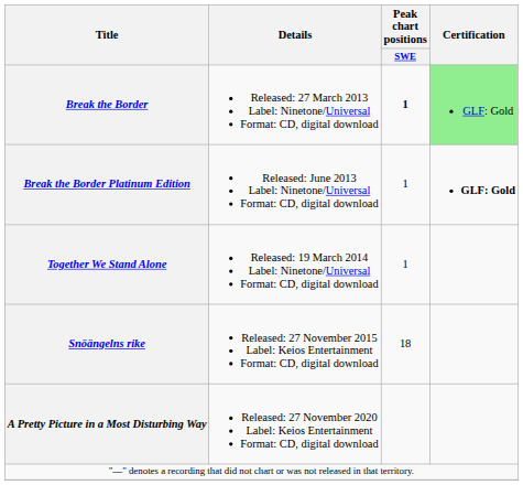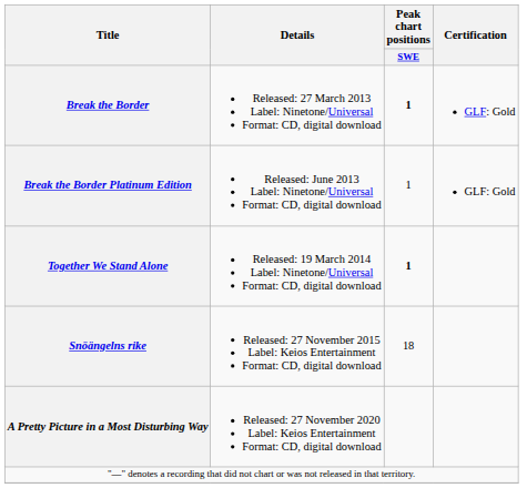 <table class="wikitable plainrowheaders" style="text-align:center;">
 <tr>
 <th scope="col" rowspan="2">Title</th>
 <th scope="col" rowspan="2">Details</th>
 <th scope="col">Peak chart positions</th>
 <th scope="col" rowspan="2">Certification</th>
 </tr>
 <tr>
 <th scope="col" style="width:3em;font-size:85%;"><a href='#'>SWE</a><br></th>
 </tr>
 <tr>
 <th scope="row"><em><a href='#'>Break the Border</a></em></th>
 <td><br><ul><li>Released: 27 March 2013</li><li>Label: Ninetone/<a href='#'>Universal</a></li><li>Format: CD, digital download</li></ul></td>
 <td><strong>1</strong></td>
-<td style="background: lightgreen;"><br><ul><li><a href='#'>GLF</a>: Gold</li></ul></td>
+<td><br><ul><li><a href='#'>GLF</a>: Gold</li></ul></td>
 </tr>
 <tr>
 <th scope="row"><em><a href='#'>Break the Border Platinum Edition</a></em></th>
 <td><br><ul><li>Released: June 2013</li><li>Label: Ninetone/<a href='#'>Universal</a></li><li>Format: CD, digital download</li></ul></td>
 <td>1</td>
-<td><strong><br><ul><li>GLF: Gold</li></ul></strong></td>
+<td><br><ul><li>GLF: Gold</li></ul></td>
 </tr>
 <tr>
 <th scope="row"><em><a href='#'>Together We Stand Alone</a></em></th>
 <td><br><ul><li>Released: 19 March 2014</li><li>Label: Ninetone/<a href='#'>Universal</a></li><li>Format: CD, digital download</li></ul></td>
-<td>1</td>
+<td><strong>1</strong></td>
 <td></td>
 </tr>
 <tr>
 <th scope="row"><em><a href='#'>Snöängelns rike</a></em></th>
 <td><br><ul><li>Released: 27 November 2015</li><li>Label: Keios Entertainment</li><li>Format: CD, digital download</li></ul></td>
 <td>18</td>
 <td></td>
 </tr>
 <tr>
 <th scope="row"><em>A Pretty Picture in a Most Disturbing Way</em></th>
 <td><br><ul><li>Released: 27 November 2020</li><li>Label: Keios Entertainment</li><li>Format: CD, digital download</li></ul></td>
 <td></td>
 <td></td>
 </tr>
 <tr>
 <td colspan="10" style="font-size:85%">"—" denotes a recording that did not chart or was not released in that territory.</td>
 </tr>
 <tr>
 </tr>
 </table>
